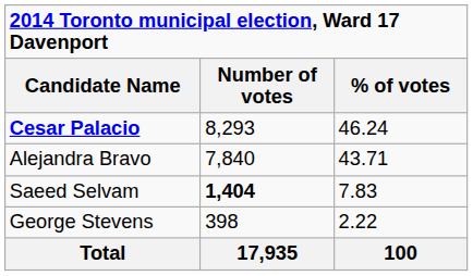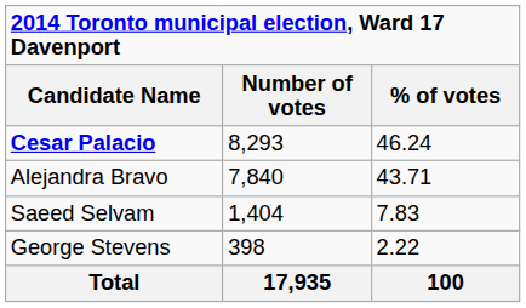 <table class="wikitable">
 <tr>
 <td colspan="3"><strong><a href='#'>2014 Toronto municipal election</a>, Ward 17 Davenport</strong></td>
 </tr>
 <tr>
 <th scope="col" style="width: 150px;">Candidate Name</th>
 <th scope="col" style="width: 100px;">Number of votes</th>
 <th scope="col" style="width: 100px;">% of votes</th>
 </tr>
 <tr>
 <td><strong><a href='#'>Cesar Palacio</a></strong></td>
 <td>8,293</td>
 <td>46.24</td>
 </tr>
 <tr>
 <td>Alejandra Bravo</td>
 <td>7,840</td>
 <td>43.71</td>
 </tr>
 <tr>
 <td>Saeed Selvam</td>
-<td><strong>1,404</strong></td>
+<td>1,404</td>
 <td>7.83</td>
 </tr>
 <tr>
 <td>George Stevens</td>
 <td>398</td>
 <td>2.22</td>
 </tr>
 <tr>
 <th>Total</th>
 <th>17,935</th>
 <th>100</th>
 </tr>
 </table>
